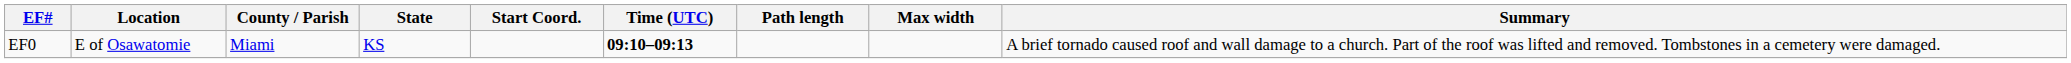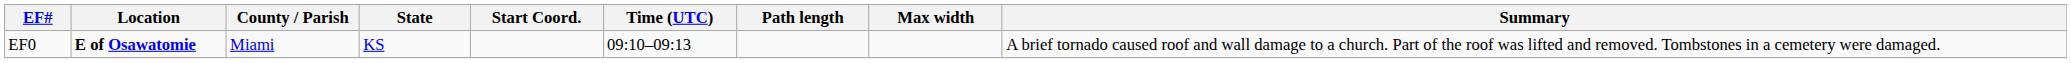 <table class="wikitable sortable" style="width:100%;">
 <tr>
 <th scope="col"  style="width:3%; text-align:center;"><a href='#'>EF#</a></th>
 <th scope="col"  style="width:7%; text-align:center;" class="unsortable">Location</th>
 <th scope="col"  style="width:6%; text-align:center;" class="unsortable">County / Parish</th>
 <th scope="col"  style="width:5%; text-align:center;">State</th>
 <th scope="col"  style="width:6%; text-align:center;">Start Coord.</th>
 <th scope="col"  style="width:6%; text-align:center;">Time (<a href='#'>UTC</a>)</th>
 <th scope="col"  style="width:6%; text-align:center;">Path length</th>
 <th scope="col"  style="width:6%; text-align:center;">Max width</th>
 <th scope="col" class="unsortable" style="width:48%; text-align:center;">Summary</th>
 </tr>
 <tr>
 <td>EF0</td>
-<td>E of <a href='#'>Osawatomie</a></td>
+<td><strong>E of <a href='#'>Osawatomie</a></strong></td>
 <td><a href='#'>Miami</a></td>
 <td><a href='#'>KS</a></td>
 <td></td>
-<td><strong>09:10–09:13</strong></td>
+<td>09:10–09:13</td>
 <td></td>
 <td></td>
 <td>A brief tornado caused roof and wall damage to a church. Part of the roof was lifted and removed. Tombstones in a cemetery were damaged.</td>
 </tr>
 <tr>
 </tr>
 </table>
